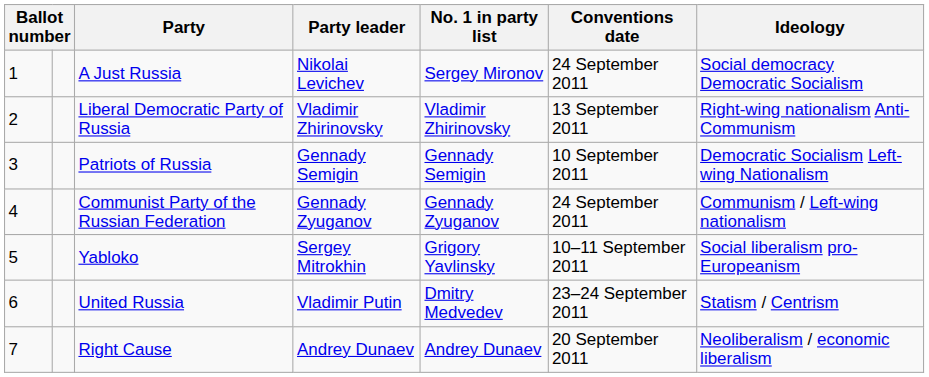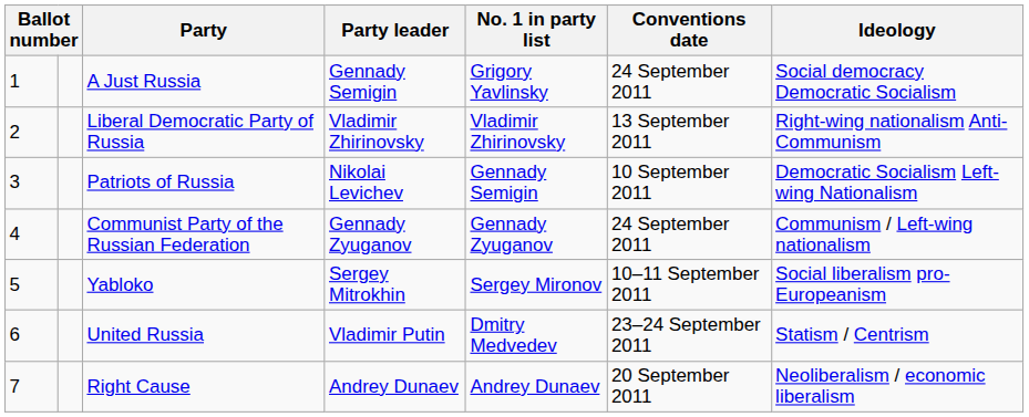 <table class="wikitable">
 <tr>
 <th style="text-align:center;" colspan="2">Ballot<br> number</th>
 <th style="text-align:center;">Party</th>
 <th style="text-align:center;">Party leader</th>
 <th style="text-align:center">No. 1 in party list</th>
 <th style="text-align:center;">Conventions date</th>
 <th style="text-align:center">Ideology</th>
 </tr>
 <tr>
 <td>1</td>
 <td style="background: "></td>
 <td> <a href='#'>A Just Russia</a></td>
-<td><a href='#'>Nikolai Levichev</a></td>
-<td><a href='#'>Sergey Mironov</a></td>
+<td><a href='#'>Gennady Semigin</a></td>
+<td><a href='#'>Grigory Yavlinsky</a></td>
 <td>24 September 2011</td>
 <td><a href='#'>Social democracy</a> <a href='#'>Democratic Socialism</a></td>
 </tr>
 <tr>
 <td>2</td>
 <td style="background: "></td>
 <td> <a href='#'>Liberal Democratic Party of Russia</a></td>
 <td><a href='#'>Vladimir Zhirinovsky</a></td>
 <td><a href='#'>Vladimir Zhirinovsky</a></td>
 <td>13 September 2011</td>
 <td><a href='#'>Right-wing nationalism</a> <a href='#'>Anti-Communism</a></td>
 </tr>
 <tr>
 <td>3</td>
 <td style="background: "></td>
 <td> <a href='#'>Patriots of Russia</a></td>
-<td><a href='#'>Gennady Semigin</a></td>
+<td><a href='#'>Nikolai Levichev</a></td>
 <td><a href='#'>Gennady Semigin</a></td>
 <td>10 September 2011</td>
 <td><a href='#'>Democratic Socialism</a> <a href='#'>Left-wing Nationalism</a></td>
 </tr>
 <tr>
 <td>4</td>
 <td style="background: "></td>
 <td> <a href='#'>Communist Party of the Russian Federation</a></td>
 <td><a href='#'>Gennady Zyuganov</a></td>
 <td><a href='#'>Gennady Zyuganov</a></td>
 <td>24 September 2011</td>
 <td><a href='#'>Communism</a> / <a href='#'>Left-wing nationalism</a></td>
 </tr>
 <tr>
 <td>5</td>
 <td style="background: "></td>
 <td><a href='#'>Yabloko</a></td>
 <td><a href='#'>Sergey Mitrokhin</a></td>
-<td><a href='#'>Grigory Yavlinsky</a></td>
+<td><a href='#'>Sergey Mironov</a></td>
 <td>10–11 September 2011</td>
 <td><a href='#'>Social liberalism</a> <a href='#'>pro-Europeanism</a></td>
 </tr>
 <tr>
 <td>6</td>
 <td style="background: "></td>
 <td> <a href='#'>United Russia</a></td>
 <td><a href='#'>Vladimir Putin</a></td>
 <td><a href='#'>Dmitry Medvedev</a></td>
 <td>23–24 September 2011</td>
 <td><a href='#'>Statism</a> / <a href='#'>Centrism</a></td>
 </tr>
 <tr>
 <td>7</td>
 <td style="background: "></td>
 <td> <a href='#'>Right Cause</a></td>
 <td><a href='#'>Andrey Dunaev</a></td>
 <td><a href='#'>Andrey Dunaev</a></td>
 <td>20 September 2011</td>
 <td><a href='#'>Neoliberalism</a> / <a href='#'>economic liberalism</a></td>
 </tr>
 </table>
